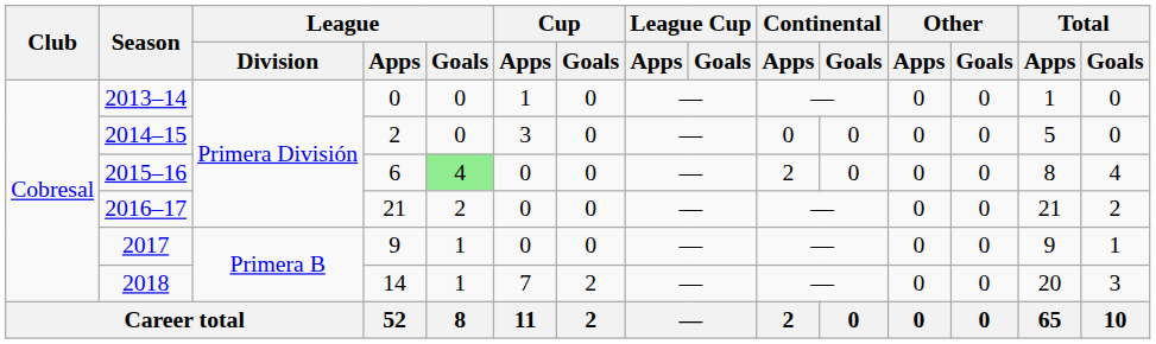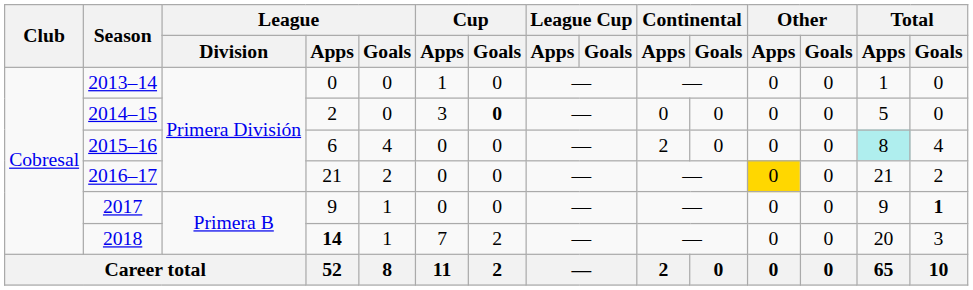 <table class="wikitable" style="text-align:center">
 <tr>
 <th rowspan="2">Club</th>
 <th rowspan="2">Season</th>
 <th colspan="3">League</th>
 <th colspan="2">Cup</th>
 <th colspan="2">League Cup</th>
 <th colspan="2">Continental</th>
 <th colspan="2">Other</th>
 <th colspan="2">Total</th>
 </tr>
 <tr>
 <th>Division</th>
 <th>Apps</th>
 <th>Goals</th>
 <th>Apps</th>
 <th>Goals</th>
 <th>Apps</th>
 <th>Goals</th>
 <th>Apps</th>
 <th>Goals</th>
 <th>Apps</th>
 <th>Goals</th>
 <th>Apps</th>
 <th>Goals</th>
 </tr>
 <tr>
 <td rowspan="6"><a href='#'>Cobresal</a></td>
 <td><a href='#'>2013–14</a></td>
 <td rowspan="4"><a href='#'>Primera División</a></td>
 <td>0</td>
 <td>0</td>
 <td>1</td>
 <td>0</td>
 <td colspan="2">—</td>
 <td colspan="2">—</td>
 <td>0</td>
 <td>0</td>
 <td>1</td>
 <td>0</td>
 </tr>
 <tr>
 <td><a href='#'>2014–15</a></td>
 <td>2</td>
 <td>0</td>
 <td>3</td>
-<td>0</td>
+<td><strong>0</strong></td>
 <td colspan="2">—</td>
 <td>0</td>
 <td>0</td>
 <td>0</td>
 <td>0</td>
 <td>5</td>
 <td>0</td>
 </tr>
 <tr>
 <td><a href='#'>2015–16</a></td>
 <td>6</td>
-<td style="background: lightgreen;">4</td>
+<td>4</td>
 <td>0</td>
 <td>0</td>
 <td colspan="2">—</td>
 <td>2</td>
 <td>0</td>
 <td>0</td>
 <td>0</td>
-<td>8</td>
+<td style="background: paleturquoise;">8</td>
 <td>4</td>
 </tr>
 <tr>
 <td><a href='#'>2016–17</a></td>
 <td>21</td>
 <td>2</td>
 <td>0</td>
 <td>0</td>
 <td colspan="2">—</td>
 <td colspan="2">—</td>
-<td>0</td>
+<td style="background: gold;">0</td>
 <td>0</td>
 <td>21</td>
 <td>2</td>
 </tr>
 <tr>
 <td><a href='#'>2017</a></td>
 <td rowspan="2"><a href='#'>Primera B</a></td>
 <td>9</td>
 <td>1</td>
 <td>0</td>
 <td>0</td>
 <td colspan="2">—</td>
 <td colspan="2">—</td>
 <td>0</td>
 <td>0</td>
 <td>9</td>
-<td>1</td>
+<td><strong>1</strong></td>
 </tr>
 <tr>
 <td><a href='#'>2018</a></td>
-<td>14</td>
+<td><strong>14</strong></td>
 <td>1</td>
 <td>7</td>
 <td>2</td>
 <td colspan="2">—</td>
 <td colspan="2">—</td>
 <td>0</td>
 <td>0</td>
 <td>20</td>
 <td>3</td>
 </tr>
 <tr>
 <th colspan="3">Career total</th>
 <th>52</th>
 <th>8</th>
 <th>11</th>
 <th>2</th>
 <th colspan="2">—</th>
 <th>2</th>
 <th>0</th>
 <th>0</th>
 <th>0</th>
 <th>65</th>
 <th>10</th>
 </tr>
 </table>
